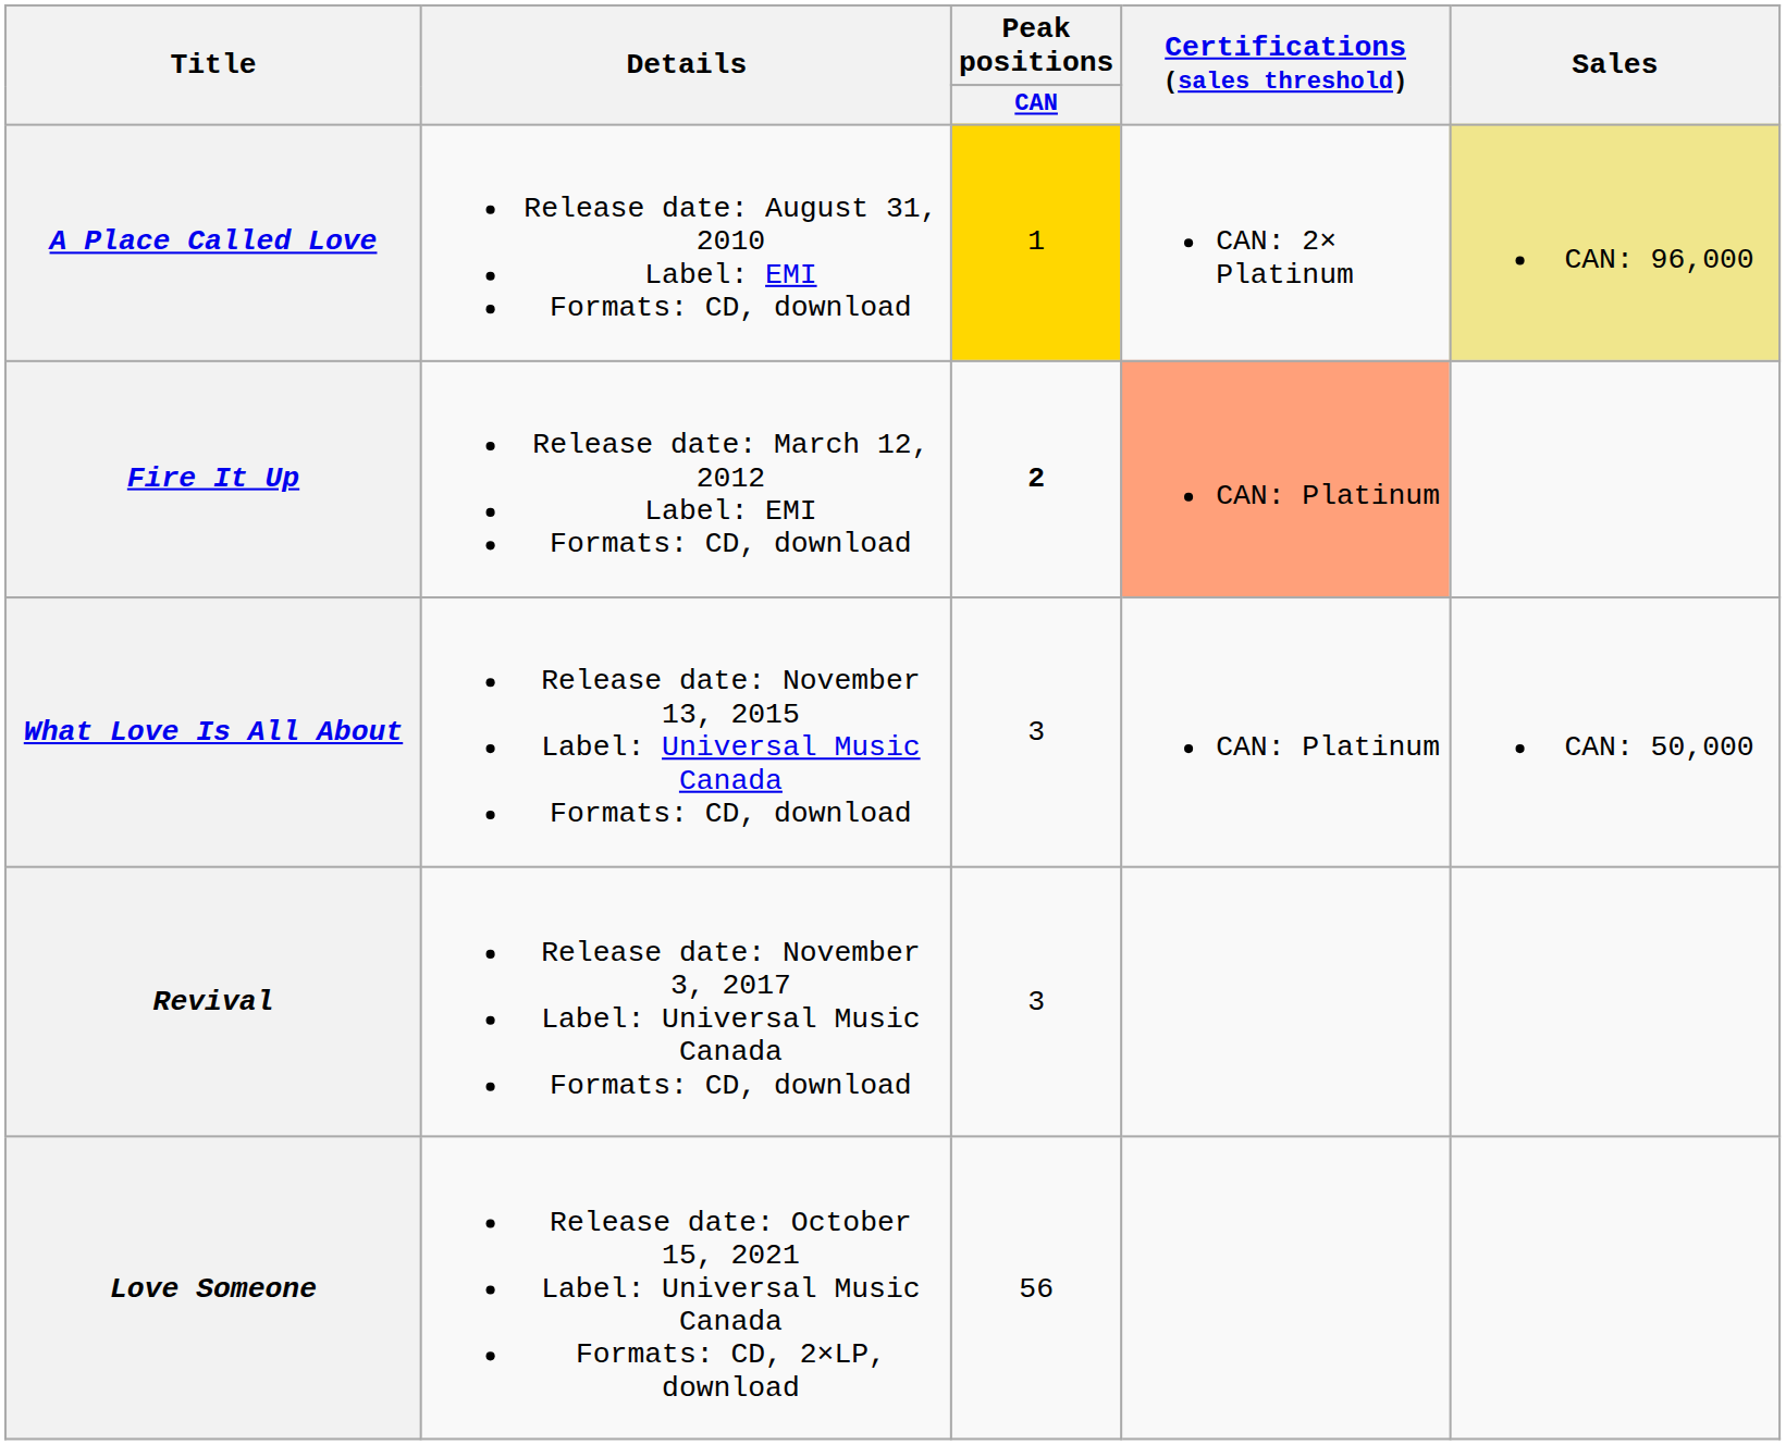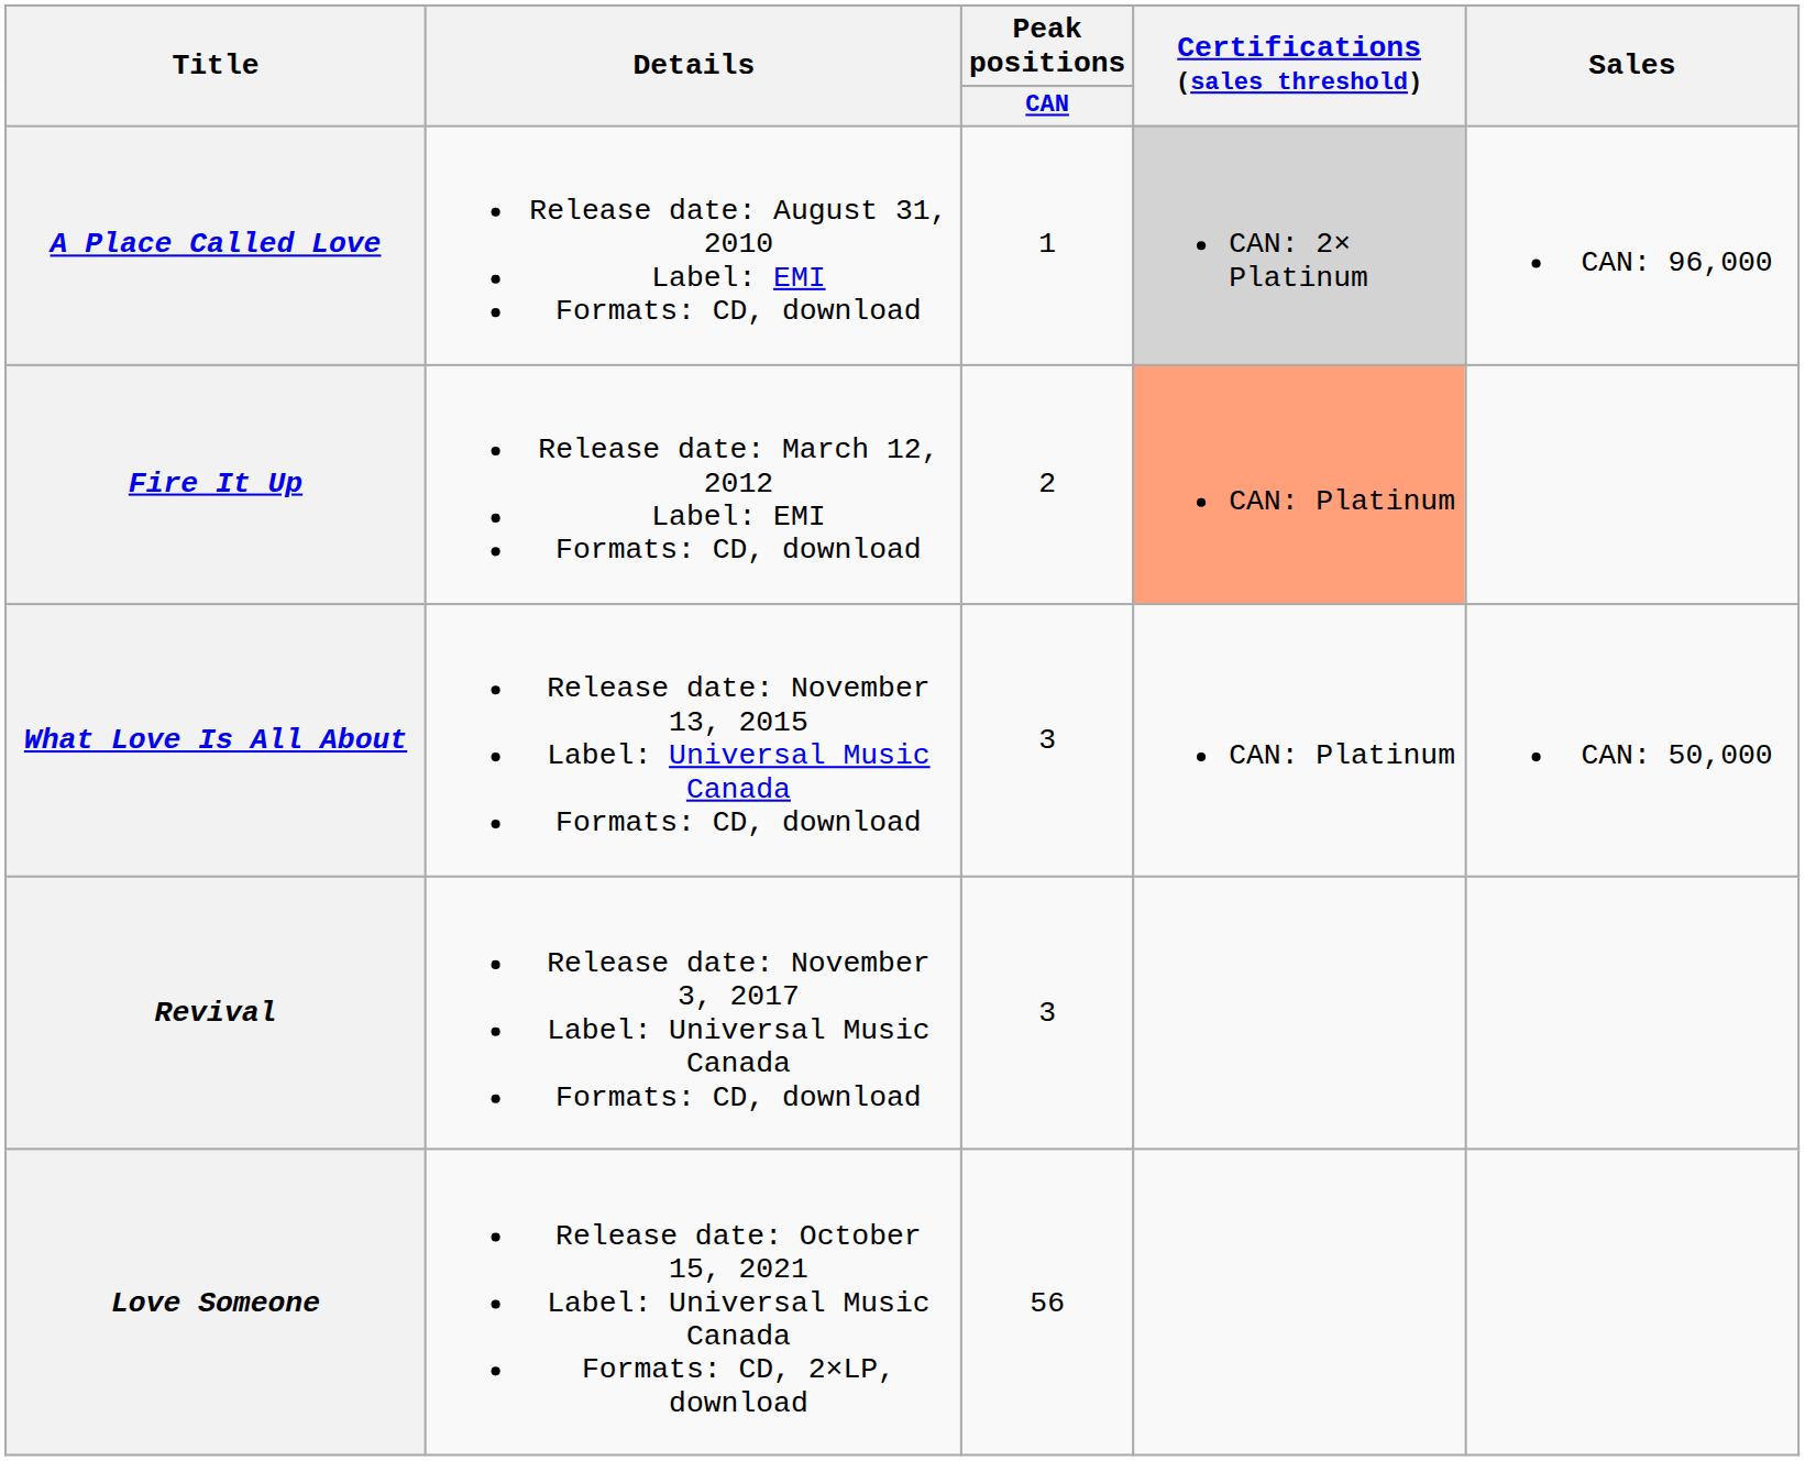 <table class="wikitable plainrowheaders" style="text-align:center;">
 <tr>
 <th rowspan="2" style="width:14em;">Title</th>
 <th rowspan="2" style="width:18em;">Details</th>
 <th colspan="1">Peak positions</th>
 <th rowspan="2" style="width:11em;"><a href='#'>Certifications</a><br><small>(<a href='#'>sales threshold</a>)</small></th>
 <th rowspan="2" style="width:11em;">Sales</th>
 </tr>
 <tr style="font-size:smaller;">
 <th width="50"><a href='#'>CAN</a><br></th>
 </tr>
 <tr>
 <th scope="row"><em><a href='#'>A Place Called Love</a></em></th>
 <td><br><ul><li>Release date: August 31, 2010</li><li>Label: <a href='#'>EMI</a></li><li>Formats: CD, download</li></ul></td>
-<td style="background: gold;">1</td>
-<td align="left"><br><ul><li>CAN: 2× Platinum</li></ul></td>
-<td style="background: khaki;"><br><ul><li>CAN: 96,000</li></ul></td>
+<td>1</td>
+<td align="left" style="background: lightgrey;"><br><ul><li>CAN: 2× Platinum</li></ul></td>
+<td><br><ul><li>CAN: 96,000</li></ul></td>
 </tr>
 <tr>
 <th scope="row"><em><a href='#'>Fire It Up</a></em></th>
 <td><br><ul><li>Release date: March 12, 2012</li><li>Label: EMI</li><li>Formats: CD, download</li></ul></td>
-<td><strong>2</strong></td>
+<td>2</td>
 <td align="left" style="background: lightsalmon;"><br><ul><li>CAN: Platinum</li></ul></td>
 <td></td>
 </tr>
 <tr>
 <th scope="row"><em><a href='#'>What Love Is All About</a></em></th>
 <td><br><ul><li>Release date: November 13, 2015</li><li>Label: <a href='#'>Universal Music Canada</a></li><li>Formats: CD, download</li></ul></td>
 <td>3</td>
 <td align="left"><br><ul><li>CAN: Platinum</li></ul></td>
 <td><br><ul><li>CAN: 50,000</li></ul></td>
 </tr>
 <tr>
 <th scope="row"><em>Revival</em></th>
 <td><br><ul><li>Release date: November 3, 2017</li><li>Label: Universal Music Canada</li><li>Formats: CD, download</li></ul></td>
 <td>3</td>
 <td></td>
 <td></td>
 </tr>
 <tr>
 <th scope="row"><em>Love Someone</em></th>
 <td><br><ul><li>Release date: October 15, 2021</li><li>Label: Universal Music Canada</li><li>Formats: CD, 2×LP, download</li></ul></td>
 <td>56</td>
 <td></td>
 <td></td>
 </tr>
 </table>
